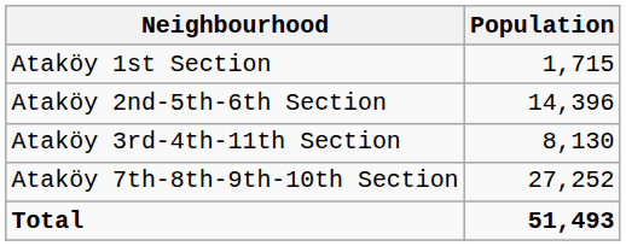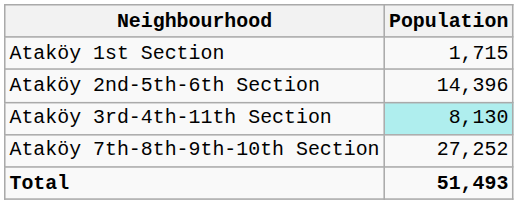 <table class=wikitable>
 <tr>
 <th>Neighbourhood</th>
 <th>Population</th>
 </tr>
 <tr align=right>
 <td align=left>Ataköy 1st Section</td>
 <td>1,715</td>
 </tr>
 <tr align=right>
 <td align=left>Ataköy 2nd-5th-6th Section</td>
 <td>14,396</td>
 </tr>
 <tr align=right>
 <td align=left>Ataköy 3rd-4th-11th Section</td>
-<td>8,130</td>
+<td style="background: paleturquoise;">8,130</td>
 </tr>
 <tr align=right>
 <td align=left>Ataköy 7th-8th-9th-10th Section</td>
 <td>27,252</td>
 </tr>
 <tr align=right>
 <td align=left><strong>Total</strong></td>
 <td><strong>51,493</strong></td>
 </tr>
 </table>
